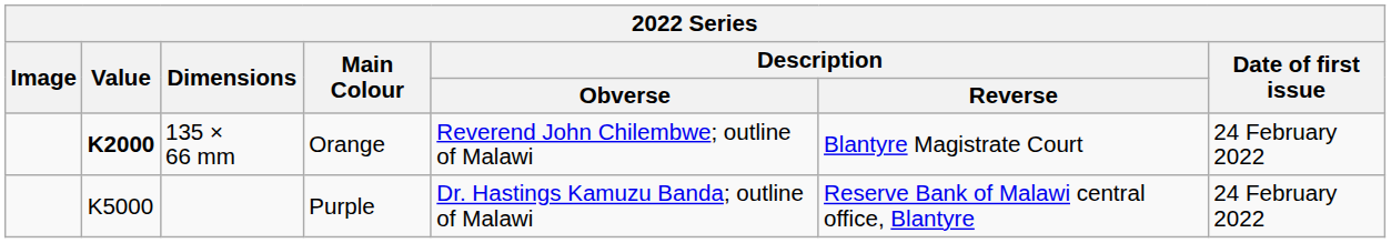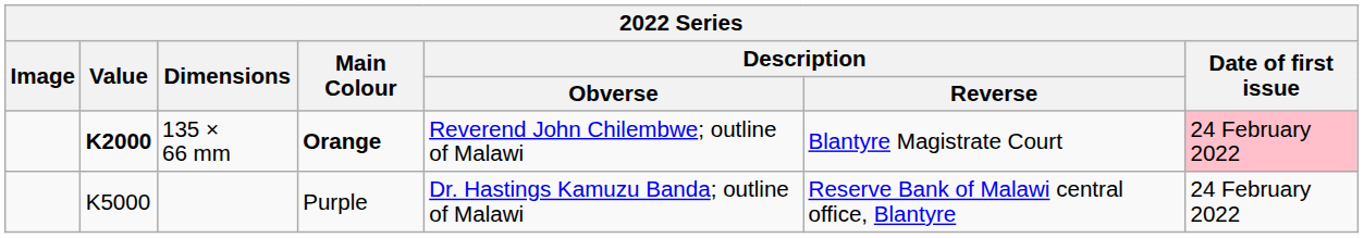 <table class="wikitable" style="font-size: 90%">
 <tr>
 <th colspan="7">2022 Series</th>
 </tr>
 <tr>
 <th rowspan="2">Image</th>
 <th rowspan="2">Value</th>
 <th rowspan="2">Dimensions</th>
 <th rowspan="2">Main Colour</th>
 <th colspan="2">Description</th>
 <th rowspan="2">Date of first issue</th>
 </tr>
 <tr>
 <th>Obverse</th>
 <th>Reverse</th>
 </tr>
 <tr>
 <td></td>
 <td><strong>K2000</strong></td>
 <td>135 × 66 mm</td>
-<td>Orange</td>
+<td><strong>Orange</strong></td>
 <td><a href='#'>Reverend John Chilembwe</a>; outline of Malawi</td>
 <td><a href='#'>Blantyre</a> Magistrate Court</td>
-<td>24 February 2022</td>
+<td style="background: pink;">24 February 2022</td>
 </tr>
 <tr>
 <td></td>
 <td>K5000</td>
 <td></td>
 <td>Purple</td>
 <td><a href='#'>Dr. Hastings Kamuzu Banda</a>; outline of Malawi</td>
 <td><a href='#'>Reserve Bank of Malawi</a> central office, <a href='#'>Blantyre</a></td>
 <td>24 February 2022</td>
 </tr>
 </table>
